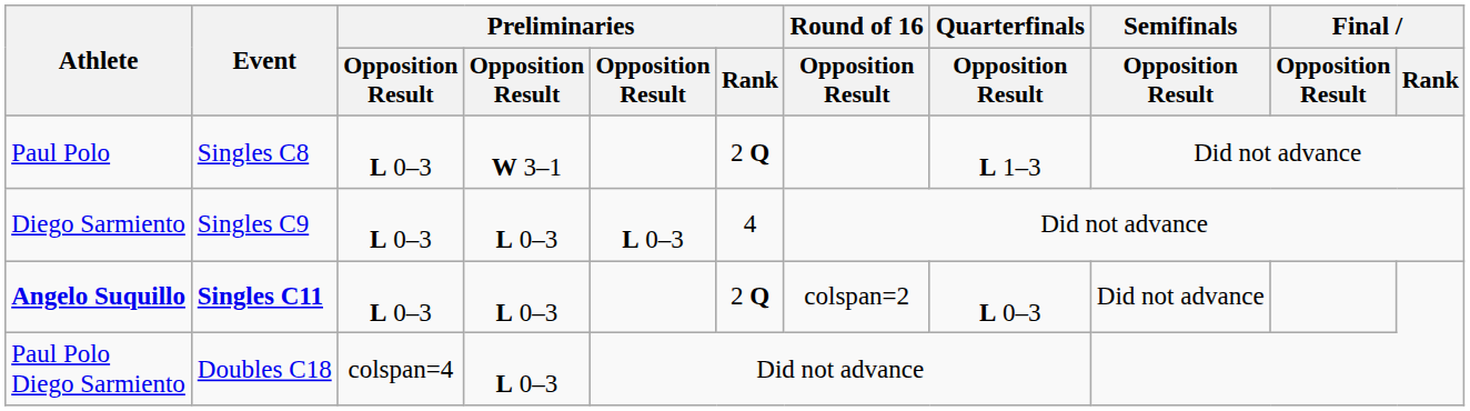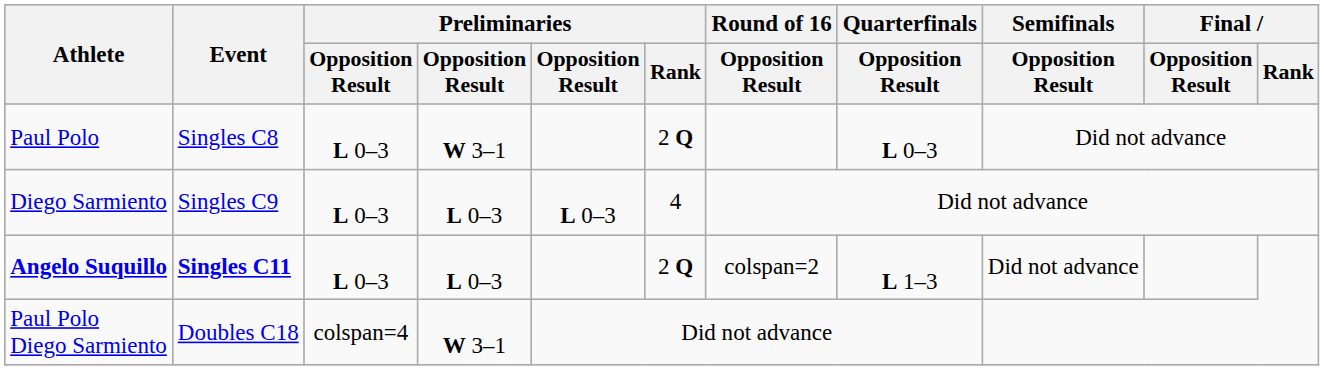 <table class=wikitable style="font-size:90%">
 <tr>
 <th rowspan="2">Athlete</th>
 <th rowspan="2">Event</th>
 <th colspan="4">Preliminaries</th>
 <th>Round of 16</th>
 <th>Quarterfinals</th>
 <th>Semifinals</th>
 <th colspan="2">Final / </th>
 </tr>
 <tr style="font-size:95%">
 <th>Opposition<br>Result</th>
 <th>Opposition<br>Result</th>
 <th>Opposition<br>Result</th>
 <th>Rank</th>
 <th>Opposition<br>Result</th>
 <th>Opposition<br>Result</th>
 <th>Opposition<br>Result</th>
 <th>Opposition<br>Result</th>
 <th>Rank</th>
 </tr>
 <tr align=center>
 <td align=left><a href='#'>Paul Polo</a></td>
 <td align=left><a href='#'>Singles C8</a></td>
 <td><br><strong>L</strong> 0–3</td>
 <td><br><strong>W</strong> 3–1</td>
 <td></td>
 <td>2 <strong>Q</strong></td>
 <td></td>
-<td><br><strong>L</strong> 1–3</td>
+<td><br><strong>L</strong> 0–3</td>
 <td colspan=3>Did not advance</td>
 </tr>
 <tr align=center>
 <td align=left><a href='#'>Diego Sarmiento</a></td>
 <td align=left><a href='#'>Singles C9</a></td>
 <td><br><strong>L</strong> 0–3</td>
 <td><br><strong>L</strong> 0–3</td>
 <td><br><strong>L</strong> 0–3</td>
 <td>4</td>
 <td colspan=5>Did not advance</td>
 </tr>
 <tr align=center>
 <td align=left><strong><a href='#'>Angelo Suquillo</a></strong></td>
 <td align=left><strong><a href='#'>Singles C11</a></strong></td>
 <td><br><strong>L</strong> 0–3</td>
 <td><br><strong>L</strong> 0–3</td>
 <td></td>
 <td>2 <strong>Q</strong></td>
 <td>colspan=2 </td>
-<td><br><strong>L</strong> 0–3</td>
+<td><br><strong>L</strong> 1–3</td>
 <td>Did not advance</td>
 <td></td>
 </tr>
 <tr align=center>
 <td align=left><a href='#'>Paul Polo</a><br><a href='#'>Diego Sarmiento</a></td>
 <td align=left><a href='#'>Doubles C18</a></td>
 <td>colspan=4 </td>
-<td><br><strong>L</strong> 0–3</td>
+<td><br><strong>W</strong> 3–1</td>
 <td colspan=4>Did not advance</td>
 </tr>
 </table>
